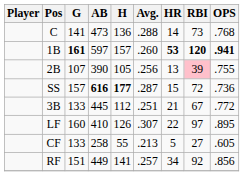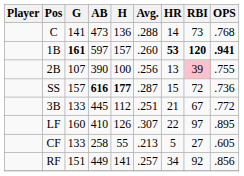 <table class="wikitable sortable">
 <tr>
 <th>Player</th>
 <th>Pos</th>
 <th>G</th>
 <th>AB</th>
 <th>H</th>
 <th>Avg.</th>
 <th>HR</th>
 <th>RBI</th>
 <th>OPS</th>
 </tr>
 <tr align="center">
 <td></td>
 <td>C</td>
 <td>141</td>
 <td>473</td>
 <td>136</td>
 <td>.288</td>
 <td>14</td>
 <td>73</td>
 <td>.768</td>
 </tr>
 <tr align="center">
 <td></td>
 <td>1B</td>
 <td><strong>161</strong></td>
 <td>597</td>
 <td>157</td>
 <td>.260</td>
 <td><strong>53</strong></td>
 <td><strong>120</strong></td>
 <td><strong>.941</strong></td>
 </tr>
 <tr align="center">
 <td></td>
 <td>2B</td>
 <td>107</td>
 <td>390</td>
-<td>105</td>
+<td>100</td>
 <td>.256</td>
 <td>13</td>
 <td style="background: pink;">39</td>
 <td>.755</td>
 </tr>
 <tr align="center">
 <td></td>
 <td>SS</td>
 <td>157</td>
 <td><strong>616</strong></td>
 <td><strong>177</strong></td>
 <td>.287</td>
 <td>15</td>
 <td>72</td>
 <td>.736</td>
 </tr>
 <tr align="center">
 <td></td>
 <td>3B</td>
 <td>133</td>
 <td>445</td>
 <td>112</td>
 <td>.251</td>
 <td>21</td>
 <td>67</td>
 <td>.772</td>
 </tr>
 <tr align="center">
 <td></td>
 <td>LF</td>
 <td>160</td>
 <td>410</td>
 <td>126</td>
 <td>.307</td>
 <td>22</td>
 <td>97</td>
 <td>.895</td>
 </tr>
 <tr align="center">
 <td></td>
 <td>CF</td>
 <td>133</td>
 <td>258</td>
 <td>55</td>
 <td>.213</td>
 <td>5</td>
 <td>27</td>
 <td>.605</td>
 </tr>
 <tr align="center">
 <td></td>
 <td>RF</td>
 <td>151</td>
 <td>449</td>
 <td>141</td>
 <td>.257</td>
 <td>34</td>
 <td>92</td>
 <td>.856</td>
 </tr>
 <tr align="center">
 </tr>
 </table>
